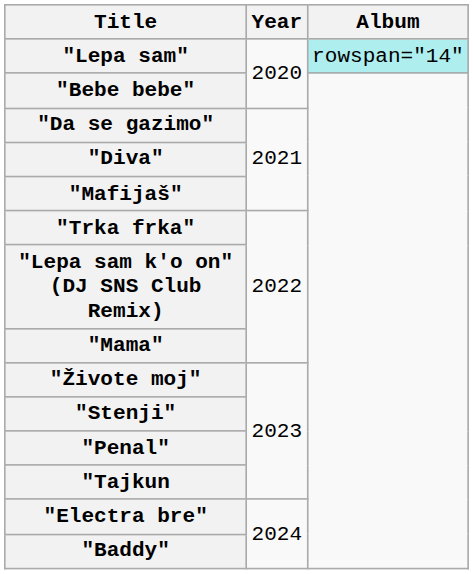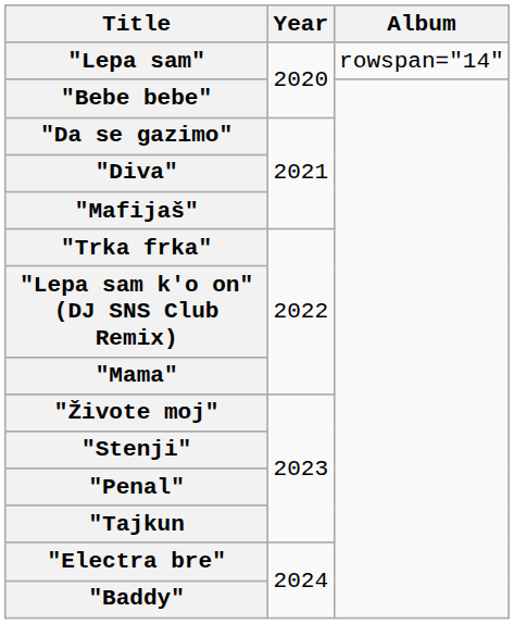 <table class="wikitable plainrowheaders" style="text-align:center;">
 <tr>
 <th scope="col" style="width:11em;">Title</th>
 <th scope="col">Year</th>
 <th scope="col">Album</th>
 </tr>
 <tr>
 <th scope="row">"Lepa sam"<br></th>
 <td rowspan="2">2020</td>
-<td style="background: paleturquoise;">rowspan="14" </td>
+<td>rowspan="14" </td>
 </tr>
 <tr>
 <th scope="row">"Bebe bebe"</th>
 </tr>
 <tr>
 <th scope="row">"Da se gazimo"</th>
 <td rowspan="3">2021</td>
 </tr>
 <tr>
 <th scope="row">"Diva"</th>
 </tr>
 <tr>
 <th scope="row">"Mafijaš"</th>
 </tr>
 <tr>
 <th scope="row">"Trka frka"</th>
 <td rowspan="3">2022</td>
 </tr>
 <tr>
 <th scope="row">"Lepa sam k'o on" (DJ SNS Club Remix)<br></th>
 </tr>
 <tr>
 <th scope="row">"Mama"<br></th>
 </tr>
 <tr>
 <th scope="row">"Živote moj"</th>
 <td rowspan="4">2023</td>
 </tr>
 <tr>
 <th scope="row">"Stenji"</th>
 </tr>
 <tr>
 <th scope="row">"Penal"</th>
 </tr>
 <tr>
 <th scope="row">"Tajkun</th>
 </tr>
 <tr>
 <th scope="row">"Electra bre"</th>
 <td rowspan="2">2024</td>
 </tr>
 <tr>
 <th scope="row">"Baddy"</th>
 </tr>
 </table>
